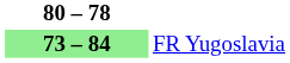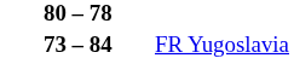 <table style="text-align:center">
 <tr>
 <th width=200></th>
 <th width=100></th>
 <th width=200></th>
 </tr>
 <tr>
 <td align=right><strong></strong></td>
 <td><strong>80 – 78</strong></td>
 <td align=left></td>
 </tr>
 <tr>
 <td align=right><strong></strong></td>
-<td style="background: lightgreen;"><strong>73 – 84</strong></td>
+<td><strong>73 – 84</strong></td>
 <td align=left> <a href='#'>FR Yugoslavia</a></td>
 </tr>
 </table>
